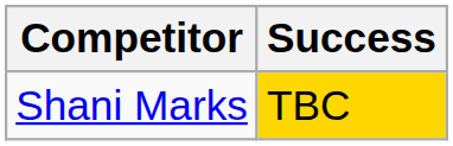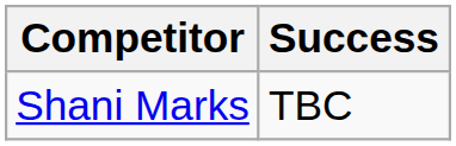 <table class="wikitable">
 <tr>
 <th>Competitor</th>
 <th>Success</th>
 </tr>
 <tr>
 <td><a href='#'>Shani Marks</a></td>
-<td style="background: gold;">TBC</td>
+<td>TBC</td>
 </tr>
 </table>
